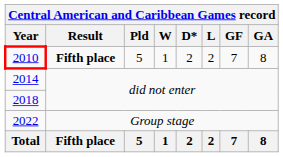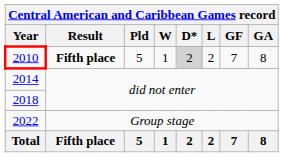 <table class="wikitable" style="text-align: center;">
 <tr>
 <th colspan=8><a href='#'>Central American and Caribbean Games</a> record</th>
 </tr>
 <tr>
 <th>Year</th>
 <th>Result</th>
 <th>Pld</th>
 <th>W</th>
 <th>D*</th>
 <th>L</th>
 <th>GF</th>
 <th>GA</th>
 </tr>
 <tr>
 <td style="border:3px solid red"> <a href='#'>2010</a></td>
 <td><strong>Fifth place</strong></td>
 <td>5</td>
 <td>1</td>
-<td>2</td>
+<td style="background: lightgrey;">2</td>
 <td>2</td>
 <td>7</td>
 <td>8</td>
 </tr>
 <tr>
 <td> <a href='#'>2014</a></td>
 <td colspan=7 rowspan=2><em>did not enter</em></td>
 </tr>
 <tr>
 <td> <a href='#'>2018</a></td>
 </tr>
 <tr>
 <td> <a href='#'>2022</a></td>
 <td colspan=7><em>Group stage</em></td>
 </tr>
 <tr>
 <th>Total</th>
 <th>Fifth place</th>
 <th>5</th>
 <th>1</th>
 <th>2</th>
 <th>2</th>
 <th>7</th>
 <th>8</th>
 </tr>
 </table>
